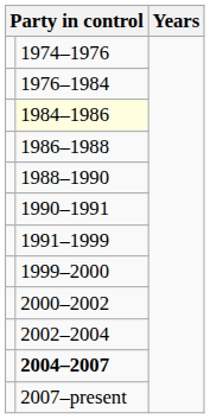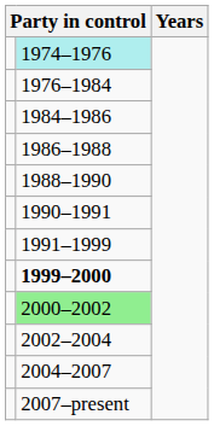 <table class="wikitable">
 <tr>
 <th colspan=2>Party in control</th>
 <th>Years</th>
 </tr>
 <tr>
 <td></td>
-<td>1974–1976</td>
+<td style="background: paleturquoise;">1974–1976</td>
 </tr>
 <tr>
 <td></td>
 <td>1976–1984</td>
 </tr>
 <tr>
 <td></td>
-<td style="background: lightyellow;">1984–1986</td>
+<td>1984–1986</td>
 </tr>
 <tr>
 <td></td>
 <td>1986–1988</td>
 </tr>
 <tr>
 <td></td>
 <td>1988–1990</td>
 </tr>
 <tr>
 <td></td>
 <td>1990–1991</td>
 </tr>
 <tr>
 <td></td>
 <td>1991–1999</td>
 </tr>
 <tr>
 <td></td>
-<td>1999–2000</td>
+<td><strong>1999–2000</strong></td>
 </tr>
 <tr>
 <td></td>
-<td>2000–2002</td>
+<td style="background: lightgreen;">2000–2002</td>
 </tr>
 <tr>
 <td></td>
 <td>2002–2004</td>
 </tr>
 <tr>
 <td></td>
-<td><strong>2004–2007</strong></td>
+<td>2004–2007</td>
 </tr>
 <tr>
 <td></td>
 <td>2007–present</td>
 </tr>
 </table>
